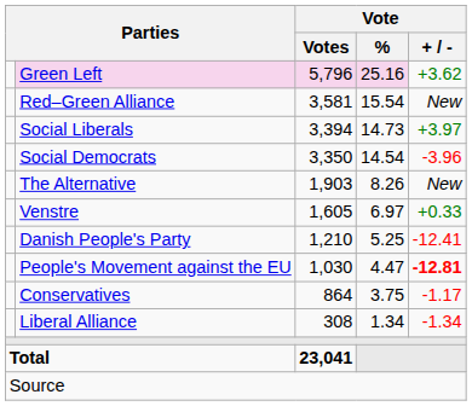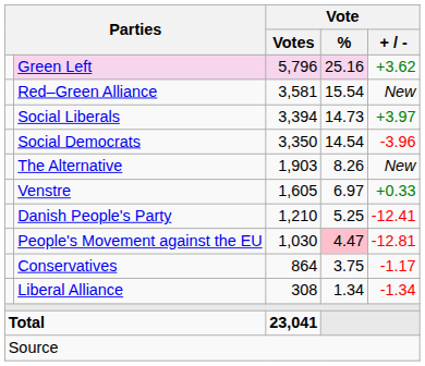 <table class="wikitable" style="text-align:right;">
 <tr>
 <th style="text-align:centre;" rowspan="2" colspan="2" width="225">Parties</th>
 <th colspan="3">Vote</th>
 </tr>
 <tr>
 <th width="15">Votes</th>
 <th width="15">%</th>
 <th width="15">+ / -</th>
 </tr>
 <tr>
 <td width="2" style="color:inherit;background:"></td>
 <td bgcolor=#f7d5ed   align="left"><a href='#'>Green Left</a></td>
 <td bgcolor=#f7d5ed>5,796</td>
 <td bgcolor=#f7d5ed>25.16</td>
 <td style=color:green;>+3.62</td>
 </tr>
 <tr>
 <td width="2" style="color:inherit;background:"></td>
 <td align="left"><a href='#'>Red–Green Alliance</a></td>
 <td>3,581</td>
 <td>15.54</td>
 <td><em>New</em></td>
 </tr>
 <tr>
 <td width="2" style="color:inherit;background:"></td>
 <td align="left"><a href='#'>Social Liberals</a></td>
 <td>3,394</td>
 <td>14.73</td>
 <td style=color:green;>+3.97</td>
 </tr>
 <tr>
 <td width="2" style="color:inherit;background:"></td>
 <td align="left"><a href='#'>Social Democrats</a></td>
 <td>3,350</td>
 <td>14.54</td>
 <td style=color:red;>-3.96</td>
 </tr>
 <tr>
 <td width="2" style="color:inherit;background:"></td>
 <td align="left"><a href='#'>The Alternative</a></td>
 <td>1,903</td>
 <td>8.26</td>
 <td><em>New</em></td>
 </tr>
 <tr>
 <td width="2" style="color:inherit;background:"></td>
 <td align="left"><a href='#'>Venstre</a></td>
 <td>1,605</td>
 <td>6.97</td>
 <td style=color:green;>+0.33</td>
 </tr>
 <tr>
 <td width="2" style="color:inherit;background:"></td>
 <td align="left"><a href='#'>Danish People's Party</a></td>
 <td>1,210</td>
 <td>5.25</td>
 <td style=color:red;>-12.41</td>
 </tr>
 <tr>
 <td width="2" style="color:inherit;background:"></td>
 <td align="left"><a href='#'>People's Movement against the EU</a></td>
 <td>1,030</td>
-<td>4.47</td>
-<td style=color:red;><strong>-12.81</strong></td>
+<td style="background: pink;">4.47</td>
+<td style=color:red;>-12.81</td>
 </tr>
 <tr>
 <td width="2" style="color:inherit;background:"></td>
 <td align="left"><a href='#'>Conservatives</a></td>
 <td>864</td>
 <td>3.75</td>
 <td style=color:red;>-1.17</td>
 </tr>
 <tr>
 <td width="2" style="color:inherit;background:"></td>
 <td align="left"><a href='#'>Liberal Alliance</a></td>
 <td>308</td>
 <td>1.34</td>
 <td style=color:red;>-1.34</td>
 </tr>
 <tr>
 <td colspan="7" bgcolor="#E9E9E9"></td>
 </tr>
 <tr>
 <td align="left" colspan="2"><strong>Total</strong></td>
 <td><strong>23,041</strong></td>
 <td bgcolor="#E9E9E9" colspan="2"></td>
 </tr>
 <tr>
 <td align="left" colspan="6">Source</td>
 </tr>
 </table>
